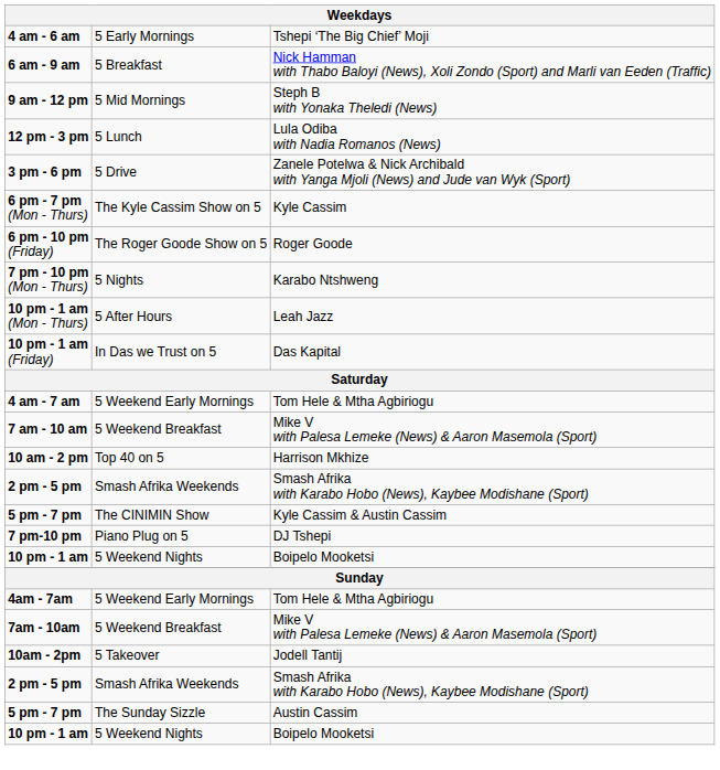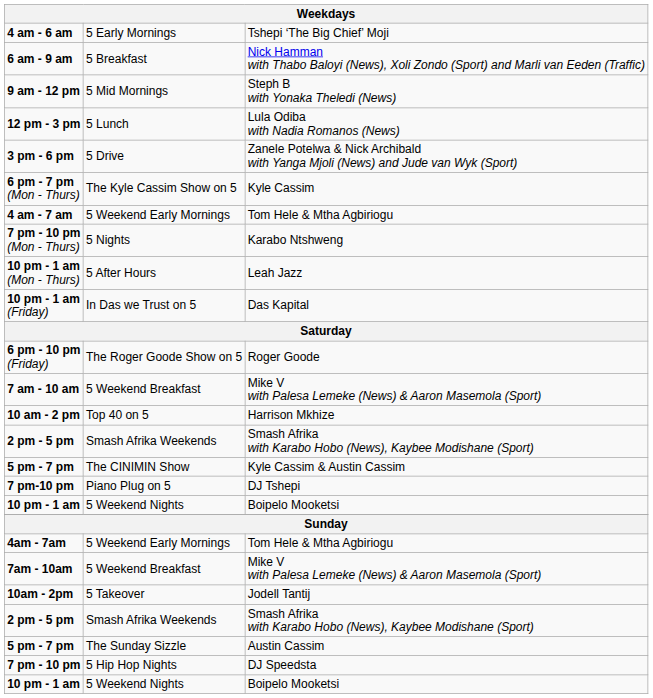 <table class="wikitable">
 <tr>
 <th colspan="3">Weekdays</th>
 </tr>
 <tr>
 <td><strong>4 am - 6 am</strong></td>
 <td>5 Early Mornings</td>
 <td>Tshepi ‘The Big Chief’ Moji</td>
 </tr>
 <tr>
 <td><strong>6 am - 9 am</strong></td>
 <td>5 Breakfast</td>
 <td><a href='#'>Nick Hamman</a><br><em>with Thabo Baloyi (News), Xoli Zondo (Sport)</em>  <em>and Marli van Eeden (Traffic)</em></td>
 </tr>
 <tr>
 <td><strong>9 am - 12 pm</strong></td>
 <td>5 Mid Mornings</td>
 <td>Steph B<br><em>with Yonaka Theledi (News)</em></td>
 </tr>
 <tr>
 <td><strong>12 pm - 3 pm</strong></td>
 <td>5 Lunch</td>
 <td>Lula Odiba<br><em>with Nadia Romanos (News)</em></td>
 </tr>
 <tr>
 <td><strong>3 pm - 6 pm</strong></td>
 <td>5 Drive</td>
 <td>Zanele Potelwa & Nick Archibald<br><em>with Yanga Mjoli (News) and Jude van Wyk (Sport)</em></td>
 </tr>
 <tr>
 <td><strong>6 pm - 7 pm</strong><br><em>(Mon - Thurs)</em></td>
 <td>The Kyle Cassim Show on 5</td>
 <td>Kyle Cassim</td>
 </tr>
 <tr>
-<td><strong>6 pm - 10 pm</strong><br><em>(Friday)</em></td>
-<td>The Roger Goode Show on 5</td>
-<td>Roger Goode</td>
+<td><strong>4 am - 7 am</strong></td>
+<td>5 Weekend Early Mornings</td>
+<td>Tom Hele & Mtha Agbiriogu</td>
 </tr>
 <tr>
 <td><strong>7 pm - 10 pm</strong><br><em>(Mon - Thurs)</em></td>
 <td>5 Nights</td>
 <td>Karabo Ntshweng</td>
 </tr>
 <tr>
 <td><strong>10 pm - 1 am</strong><br><em>(Mon - Thurs)</em></td>
 <td>5 After Hours</td>
 <td>Leah Jazz</td>
 </tr>
 <tr>
 <td><strong>10 pm - 1 am</strong><br><em>(Friday)</em></td>
 <td>In Das we Trust on 5</td>
 <td>Das Kapital</td>
 </tr>
 <tr>
 <th colspan="3">Saturday</th>
 </tr>
 <tr>
-<td><strong>4 am - 7 am</strong></td>
-<td>5 Weekend Early Mornings</td>
-<td>Tom Hele & Mtha Agbiriogu</td>
+<td><strong>6 pm - 10 pm</strong><br><em>(Friday)</em></td>
+<td>The Roger Goode Show on 5</td>
+<td>Roger Goode</td>
 </tr>
 <tr>
 <td><strong>7 am - 10 am</strong></td>
 <td>5 Weekend Breakfast</td>
 <td>Mike V<br><em>with Palesa Lemeke (News) & Aaron Masemola (Sport)</em></td>
 </tr>
 <tr>
 <td><strong>10 am - 2 pm</strong></td>
 <td>Top 40 on 5</td>
 <td>Harrison Mkhize</td>
 </tr>
 <tr>
 <td><strong>2 pm - 5 pm</strong></td>
 <td>Smash Afrika Weekends</td>
 <td>Smash Afrika<br><em>with Karabo Hobo (News), Kaybee Modishane (Sport)</em></td>
 </tr>
 <tr>
 <td><strong>5 pm - 7 pm</strong></td>
 <td>The CINIMIN Show</td>
 <td>Kyle Cassim & Austin Cassim</td>
 </tr>
 <tr>
 <td><strong>7 pm-10 pm</strong></td>
 <td>Piano Plug on 5</td>
 <td>DJ Tshepi</td>
 </tr>
 <tr>
 <td><strong>10 pm - 1 am</strong></td>
 <td>5 Weekend Nights</td>
 <td>Boipelo Mooketsi</td>
 </tr>
 <tr>
 </tr>
 <tr>
 <th colspan="3">Sunday</th>
 </tr>
 <tr>
 <td><strong>4am - 7am</strong></td>
 <td>5 Weekend Early Mornings</td>
 <td>Tom Hele & Mtha Agbiriogu</td>
 </tr>
 <tr>
 <td><strong>7am - 10am</strong></td>
 <td>5 Weekend Breakfast</td>
 <td>Mike V<br><em>with Palesa Lemeke (News) & Aaron Masemola (Sport)</em></td>
 </tr>
 <tr>
 <td><strong>10am - 2pm</strong></td>
 <td>5 Takeover</td>
 <td>Jodell Tantij</td>
 </tr>
 <tr>
 <td><strong>2 pm - 5 pm</strong></td>
 <td>Smash Afrika Weekends</td>
 <td>Smash Afrika<br><em>with Karabo Hobo (News), Kaybee Modishane (Sport)</em></td>
 </tr>
 <tr>
 <td><strong>5 pm - 7 pm</strong></td>
 <td>The Sunday Sizzle</td>
 <td>Austin Cassim</td>
 </tr>
 <tr>
+<td><strong>7 pm - 10 pm</strong></td>
+<td>5 Hip Hop Nights</td>
+<td>DJ Speedsta</td>
+</tr>
+<tr>
 <td><strong>10 pm - 1 am</strong></td>
 <td>5 Weekend Nights</td>
 <td>Boipelo Mooketsi</td>
 </tr>
 </table>
